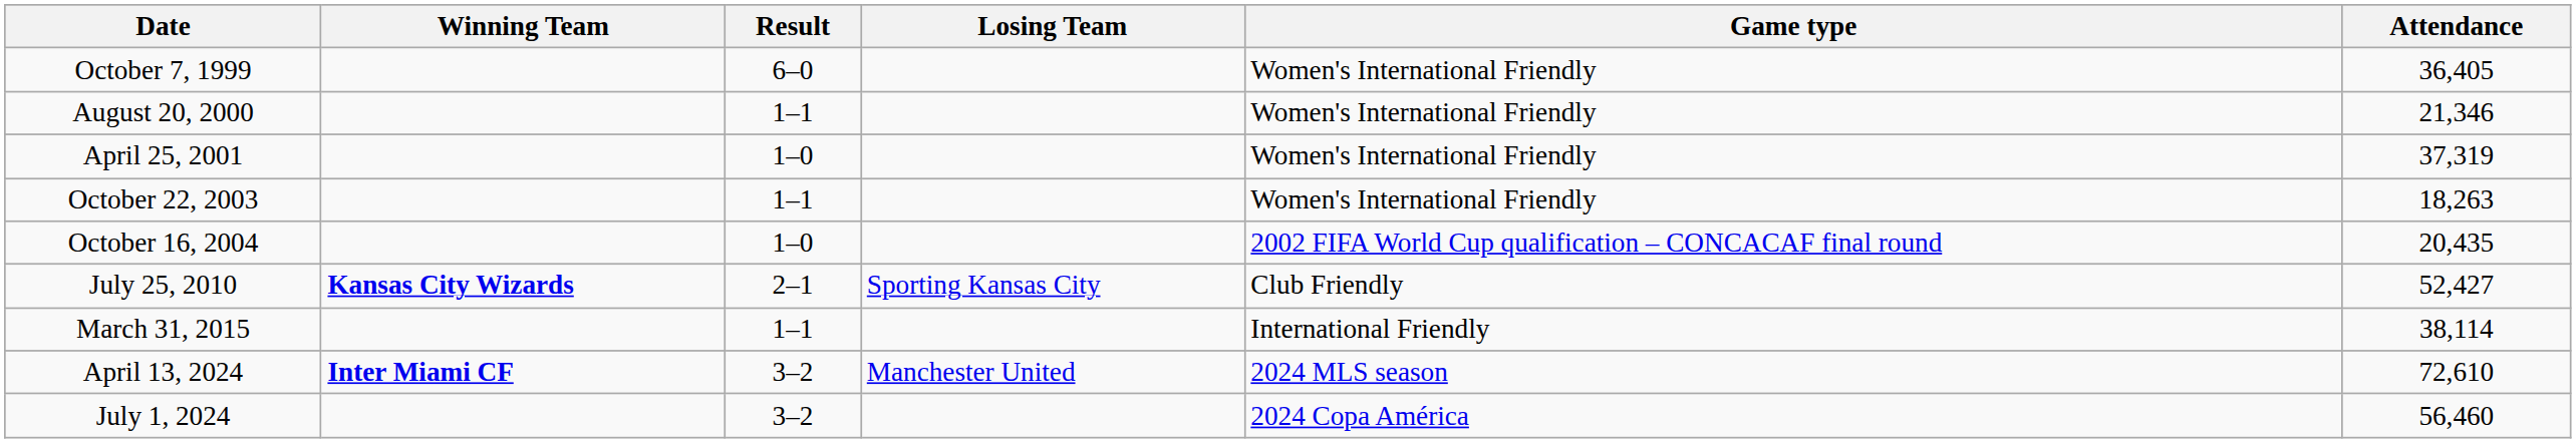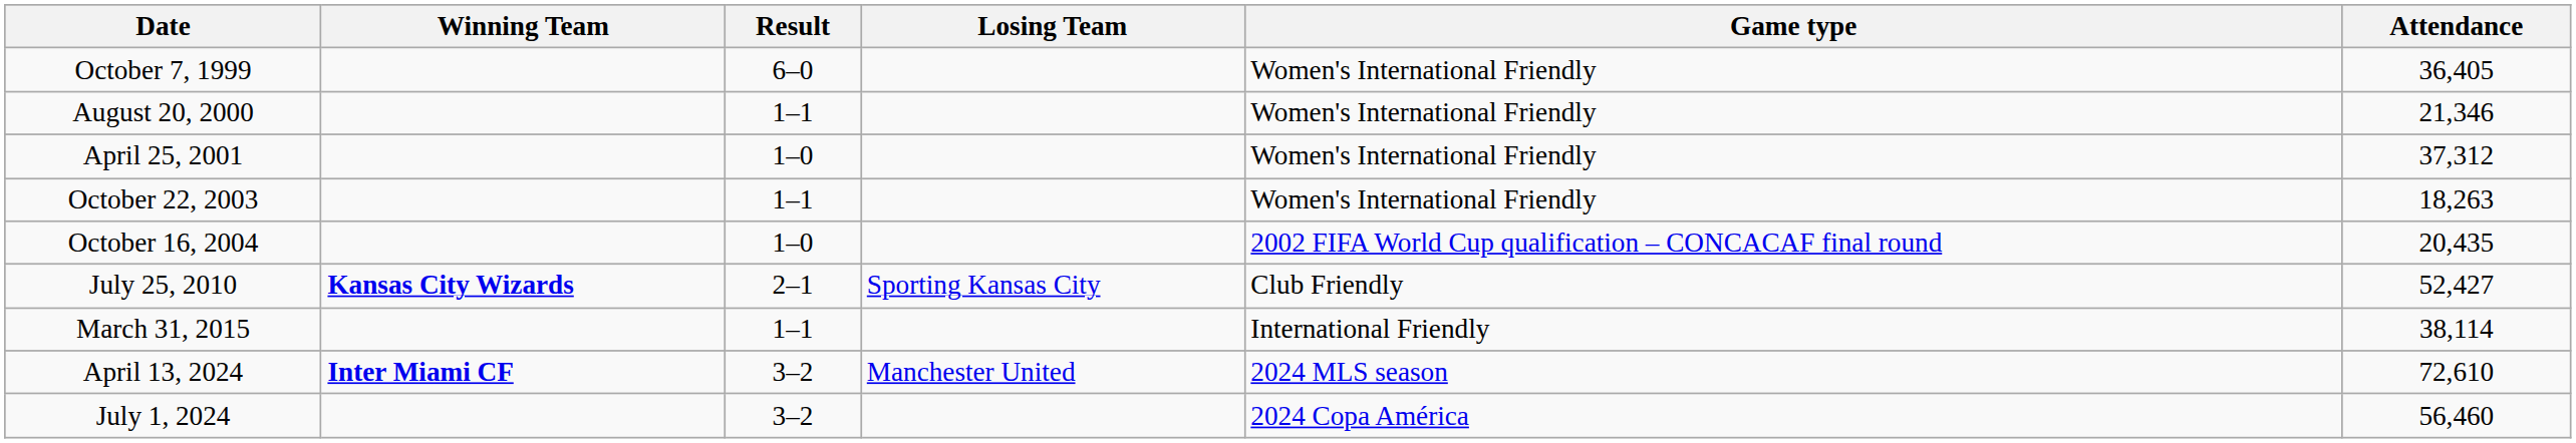 <table class="wikitable" style="text-align:left; width:95%;" style="text-align:center">
 <tr>
 <th style="text-align:center;">Date</th>
 <th style="text-align:center;">Winning Team</th>
 <th style="text-align:center;">Result</th>
 <th style="text-align:center;">Losing Team</th>
 <th style="text-align:center;">Game type</th>
 <th style="text-align:center;">Attendance</th>
 </tr>
 <tr>
 <td style="text-align:center;">October 7, 1999</td>
 <td><strong></strong></td>
 <td style="text-align:center;">6–0</td>
 <td></td>
 <td>Women's International Friendly</td>
 <td style="text-align:center;">36,405</td>
 </tr>
 <tr>
 <td style="text-align:center;">August 20, 2000</td>
 <td></td>
 <td style="text-align:center;">1–1</td>
 <td></td>
 <td>Women's International Friendly</td>
 <td style="text-align:center;">21,346</td>
 </tr>
 <tr>
 <td style="text-align:center;">April 25, 2001</td>
 <td><strong></strong></td>
 <td style="text-align:center;">1–0</td>
 <td></td>
 <td>Women's International Friendly</td>
-<td style="text-align:center;">37,319</td>
+<td style="text-align:center;">37,312</td>
 </tr>
 <tr>
 <td style="text-align:center;">October 22, 2003</td>
 <td></td>
 <td style="text-align:center;">1–1</td>
 <td></td>
 <td>Women's International Friendly</td>
 <td style="text-align:center;">18,263</td>
 </tr>
 <tr>
 <td style="text-align:center;">October 16, 2004</td>
 <td><strong></strong></td>
 <td style="text-align:center;">1–0</td>
 <td></td>
 <td><a href='#'>2002 FIFA World Cup qualification – CONCACAF final round</a></td>
 <td style="text-align:center;">20,435</td>
 </tr>
 <tr>
 <td style="text-align:center;">July 25, 2010</td>
 <td><strong> <a href='#'>Kansas City Wizards</a></strong></td>
 <td style="text-align:center;">2–1</td>
 <td> <a href='#'>Sporting Kansas City</a></td>
 <td>Club Friendly</td>
 <td style="text-align:center;">52,427</td>
 </tr>
 <tr>
 <td style="text-align:center;">March 31, 2015</td>
 <td><strong></strong></td>
 <td style="text-align:center;">1–1</td>
 <td></td>
 <td>International Friendly</td>
 <td style="text-align:center;">38,114</td>
 </tr>
 <tr>
 <td style="text-align:center;">April 13, 2024</td>
 <td><strong> <a href='#'>Inter Miami CF</a></strong></td>
 <td style="text-align:center;">3–2</td>
 <td> <a href='#'>Manchester United</a></td>
 <td><a href='#'>2024 MLS season</a></td>
 <td style="text-align:center;">72,610</td>
 </tr>
 <tr>
 <td style="text-align:center;">July 1, 2024</td>
 <td><strong></strong></td>
 <td style="text-align:center;">3–2</td>
 <td></td>
 <td><a href='#'>2024 Copa América</a></td>
 <td style="text-align:center;">56,460</td>
 </tr>
 </table>
